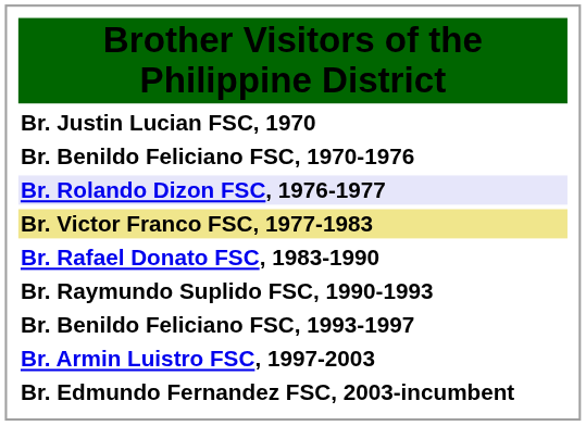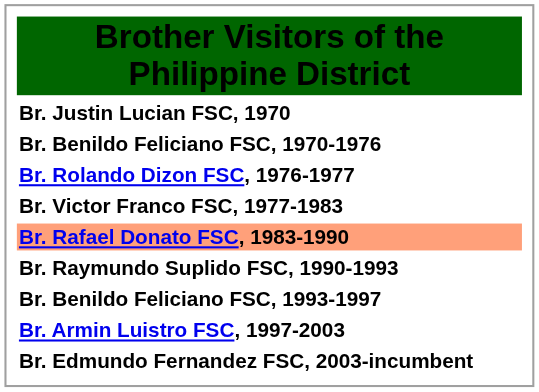 <table style="float:right; margin:1em; width:16em; border:1px solid #a0a0a0; padding:3px; bg-color=yellow; text-align:right;">
 <tr style="background:#060; text-align:center;">
 <td><span><strong>Brother Visitors of the Philippine District</strong></span></td>
 </tr>
 <tr style="text-align:left; font-size:x-small;">
 <td><strong>Br. Justin Lucian FSC, 1970</strong></td>
 </tr>
 <tr style="text-align:left; font-size:x-small;">
 <td><strong>Br. Benildo Feliciano FSC, 1970-1976</strong></td>
 </tr>
 <tr style="text-align:left; font-size:x-small;">
-<td style="background: lavender;"><strong><a href='#'>Br. Rolando Dizon FSC</a>, 1976-1977</strong></td>
+<td><strong><a href='#'>Br. Rolando Dizon FSC</a>, 1976-1977</strong></td>
 </tr>
 <tr style="text-align:left; font-size:x-small;">
-<td style="background: khaki;"><strong>Br. Victor Franco FSC, 1977-1983</strong></td>
+<td><strong>Br. Victor Franco FSC, 1977-1983</strong></td>
 </tr>
 <tr style="text-align:left; font-size:x-small;">
-<td><strong><a href='#'>Br. Rafael Donato FSC</a>, 1983-1990</strong></td>
+<td style="background: lightsalmon;"><strong><a href='#'>Br. Rafael Donato FSC</a>, 1983-1990</strong></td>
 </tr>
 <tr style="text-align:left; font-size:x-small;">
 <td><strong>Br. Raymundo Suplido FSC, 1990-1993</strong></td>
 </tr>
 <tr style="text-align:left; font-size:x-small;">
 <td><strong>Br. Benildo Feliciano FSC, 1993-1997</strong></td>
 </tr>
 <tr style="text-align:left; font-size:x-small;">
 <td><strong><a href='#'>Br. Armin Luistro FSC</a>, 1997-2003</strong></td>
 </tr>
 <tr style="text-align:left; font-size:x-small;">
 <td><strong>Br. Edmundo Fernandez FSC, 2003-incumbent</strong></td>
 </tr>
 </table>
